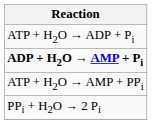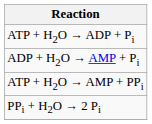 <table class="wikitable floatright">
 <tr>
 <th>Reaction</th>
 </tr>
 <tr>
 <td>ATP + H<sub>2</sub>O → ADP + P<sub>i</sub></td>
 </tr>
 <tr>
-<td><strong>ADP + H<sub>2</sub>O → <a href='#'>AMP</a> + P<sub>i</sub></strong></td>
+<td>ADP + H<sub>2</sub>O → <a href='#'>AMP</a> + P<sub>i</sub></td>
 </tr>
 <tr>
 <td>ATP + H<sub>2</sub>O → AMP + PP<sub>i</sub></td>
 </tr>
 <tr>
 <td>PP<sub>i</sub> + H<sub>2</sub>O → 2 P<sub>i</sub></td>
 </tr>
 <tr>
 </tr>
 </table>
